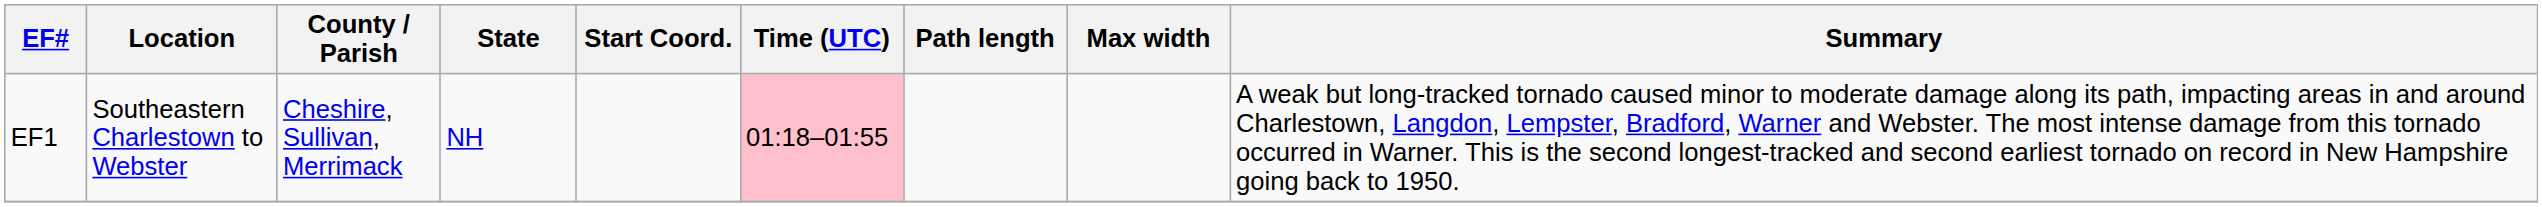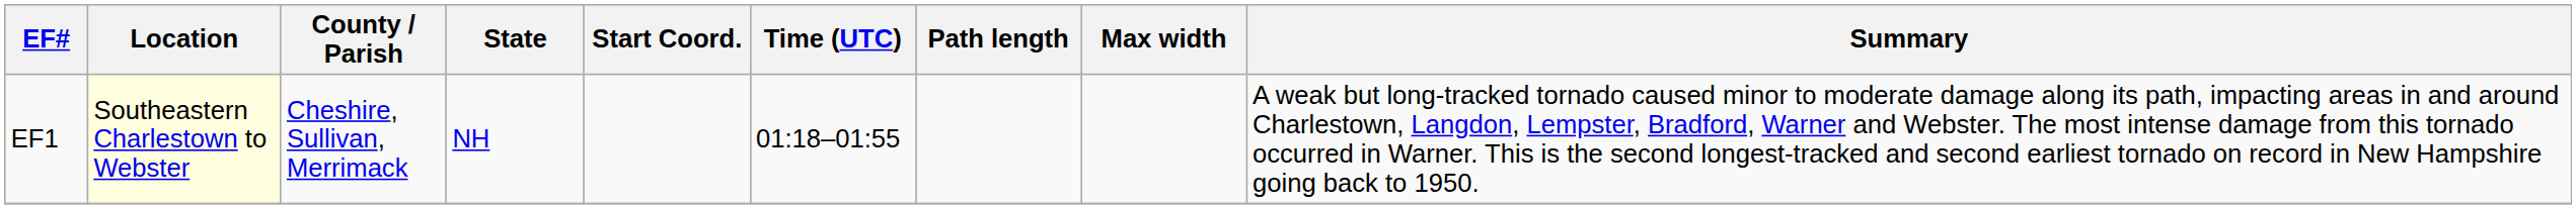 <table class="wikitable sortable" style="width:100%;">
 <tr>
 <th scope="col"  style="width:3%; text-align:center;"><a href='#'>EF#</a></th>
 <th scope="col"  style="width:7%; text-align:center;" class="unsortable">Location</th>
 <th scope="col"  style="width:6%; text-align:center;" class="unsortable">County / Parish</th>
 <th scope="col"  style="width:5%; text-align:center;">State</th>
 <th scope="col"  style="width:6%; text-align:center;">Start Coord.</th>
 <th scope="col"  style="width:6%; text-align:center;">Time (<a href='#'>UTC</a>)</th>
 <th scope="col"  style="width:6%; text-align:center;">Path length</th>
 <th scope="col"  style="width:6%; text-align:center;">Max width</th>
 <th scope="col" class="unsortable" style="width:48%; text-align:center;">Summary</th>
 </tr>
 <tr>
 <td bgcolor=>EF1</td>
-<td>Southeastern <a href='#'>Charlestown</a> to <a href='#'>Webster</a></td>
+<td style="background: lightyellow;">Southeastern <a href='#'>Charlestown</a> to <a href='#'>Webster</a></td>
 <td><a href='#'>Cheshire</a>, <a href='#'>Sullivan</a>, <a href='#'>Merrimack</a></td>
 <td><a href='#'>NH</a></td>
 <td></td>
-<td style="background: pink;">01:18–01:55</td>
+<td>01:18–01:55</td>
 <td></td>
 <td></td>
 <td>A weak but long-tracked tornado caused minor to moderate damage along its path, impacting areas in and around Charlestown, <a href='#'>Langdon</a>, <a href='#'>Lempster</a>, <a href='#'>Bradford</a>, <a href='#'>Warner</a> and Webster. The most intense damage from this tornado occurred in Warner. This is the second longest-tracked and second earliest tornado on record in New Hampshire going back to 1950.<br></td>
 </tr>
 <tr>
 </tr>
 </table>
